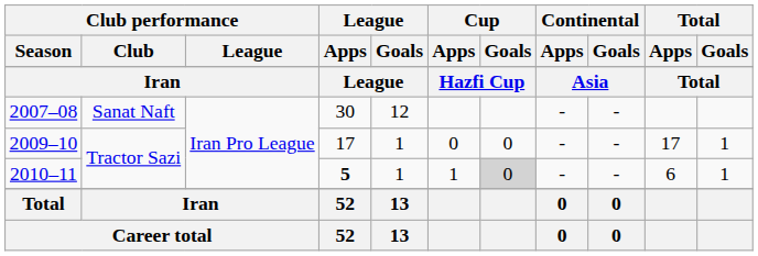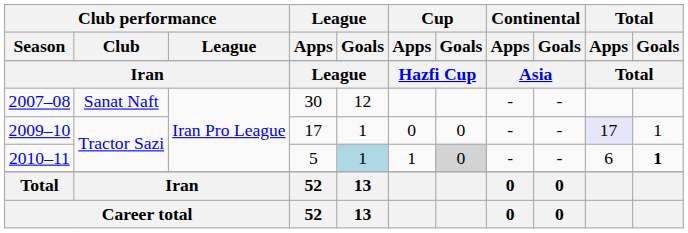 <table class="wikitable" style="text-align:center">
 <tr>
 <th colspan=3>Club performance</th>
 <th colspan=2>League</th>
 <th colspan=2>Cup</th>
 <th colspan=2>Continental</th>
 <th colspan=2>Total</th>
 </tr>
 <tr>
 <th>Season</th>
 <th>Club</th>
 <th>League</th>
 <th>Apps</th>
 <th>Goals</th>
 <th>Apps</th>
 <th>Goals</th>
 <th>Apps</th>
 <th>Goals</th>
 <th>Apps</th>
 <th>Goals</th>
 </tr>
 <tr>
 </tr>
 <tr>
 <th colspan=3>Iran</th>
 <th colspan=2>League</th>
 <th colspan=2><a href='#'>Hazfi Cup</a></th>
 <th colspan=2><a href='#'>Asia</a></th>
 <th colspan=2>Total</th>
 </tr>
 <tr>
 <td><a href='#'>2007–08</a></td>
 <td rowspan="1"><a href='#'>Sanat Naft</a></td>
 <td rowspan="3"><a href='#'>Iran Pro League</a></td>
 <td>30</td>
 <td>12</td>
 <td></td>
 <td></td>
 <td>-</td>
 <td>-</td>
 <td></td>
 <td></td>
 </tr>
 <tr>
 <td><a href='#'>2009–10</a></td>
 <td rowspan="2"><a href='#'>Tractor Sazi</a></td>
 <td>17</td>
 <td>1</td>
 <td>0</td>
 <td>0</td>
 <td>-</td>
 <td>-</td>
-<td>17</td>
+<td style="background: lavender;">17</td>
 <td>1</td>
 </tr>
 <tr>
 <td><a href='#'>2010–11</a></td>
-<td><strong>5</strong></td>
-<td>1</td>
+<td>5</td>
+<td style="background: lightblue;">1</td>
 <td>1</td>
 <td style="background: lightgrey;">0</td>
 <td>-</td>
 <td>-</td>
 <td>6</td>
-<td>1</td>
+<td><strong>1</strong></td>
 </tr>
 <tr>
 </tr>
 <tr>
 <th rowspan=1>Total</th>
 <th colspan=2>Iran</th>
 <th>52</th>
 <th>13</th>
 <th></th>
 <th></th>
 <th>0</th>
 <th>0</th>
 <th></th>
 <th></th>
 </tr>
 <tr>
 <th colspan=3>Career total</th>
 <th>52</th>
 <th>13</th>
 <th></th>
 <th></th>
 <th>0</th>
 <th>0</th>
 <th></th>
 <th></th>
 </tr>
 </table>
